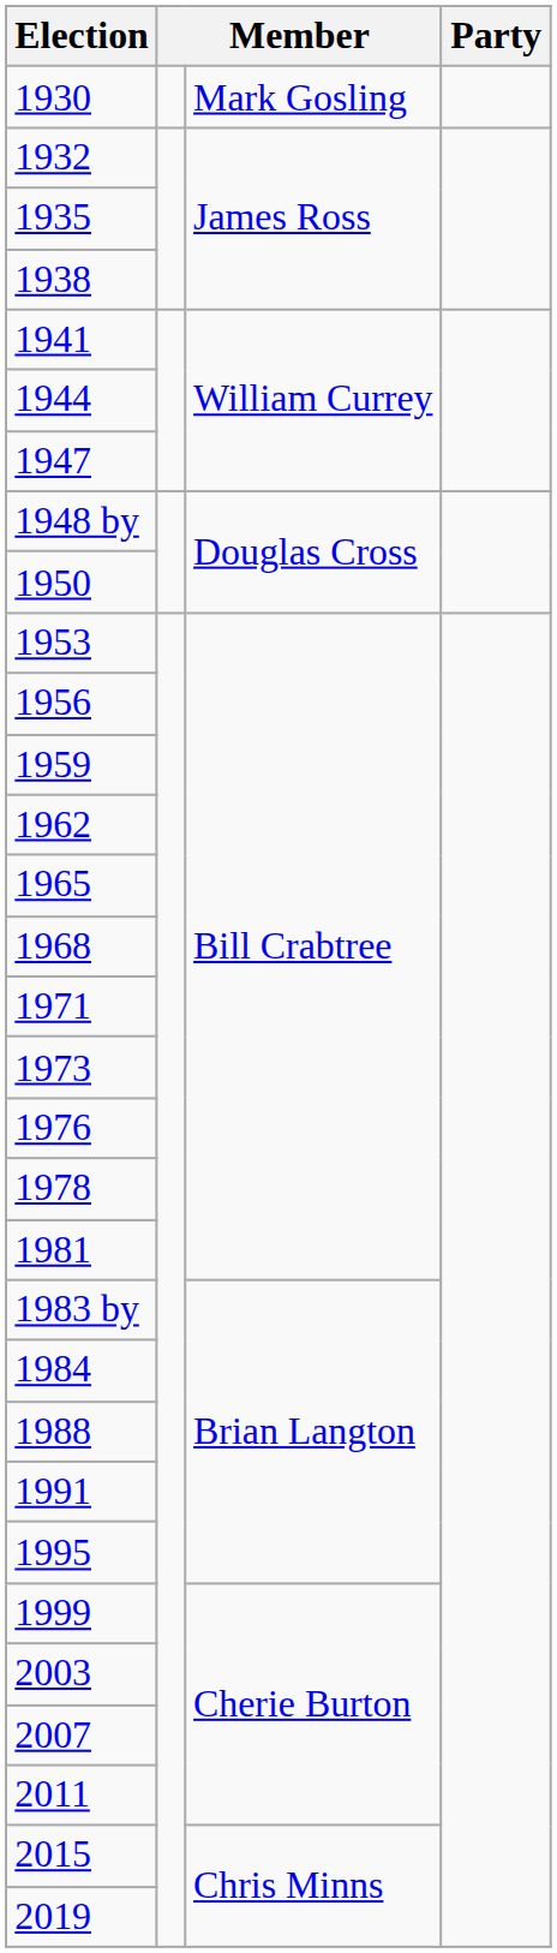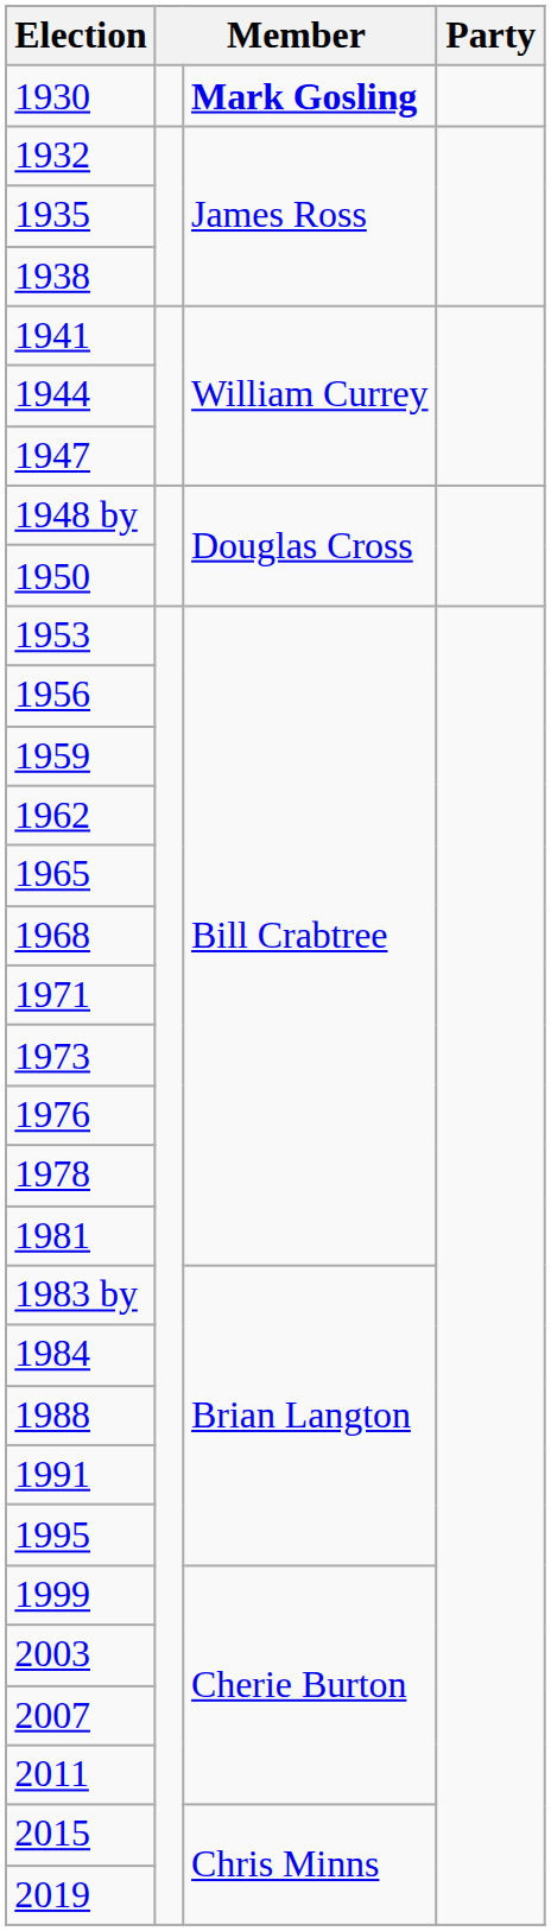 <table class="wikitable">
 <tr>
 <th>Election</th>
 <th colspan="2">Member</th>
 <th>Party</th>
 </tr>
 <tr>
 <td><a href='#'>1930</a></td>
 <td> </td>
-<td><a href='#'>Mark Gosling</a></td>
+<td><strong><a href='#'>Mark Gosling</a></strong></td>
 <td></td>
 </tr>
 <tr>
 <td><a href='#'>1932</a></td>
 <td rowspan="3" > </td>
 <td rowspan="3"><a href='#'>James Ross</a></td>
 <td rowspan="3"></td>
 </tr>
 <tr>
 <td><a href='#'>1935</a></td>
 </tr>
 <tr>
 <td><a href='#'>1938</a></td>
 </tr>
 <tr>
 <td><a href='#'>1941</a></td>
 <td rowspan="3" > </td>
 <td rowspan="3"><a href='#'>William Currey</a></td>
 <td rowspan="3"></td>
 </tr>
 <tr>
 <td><a href='#'>1944</a></td>
 </tr>
 <tr>
 <td><a href='#'>1947</a></td>
 </tr>
 <tr>
 <td><a href='#'>1948 by</a></td>
 <td rowspan="2" > </td>
 <td rowspan="2"><a href='#'>Douglas Cross</a></td>
 <td rowspan="2"></td>
 </tr>
 <tr>
 <td><a href='#'>1950</a></td>
 </tr>
 <tr>
 <td><a href='#'>1953</a></td>
 <td rowspan="22" > </td>
 <td rowspan="11"><a href='#'>Bill Crabtree</a></td>
 <td rowspan="22"></td>
 </tr>
 <tr>
 <td><a href='#'>1956</a></td>
 </tr>
 <tr>
 <td><a href='#'>1959</a></td>
 </tr>
 <tr>
 <td><a href='#'>1962</a></td>
 </tr>
 <tr>
 <td><a href='#'>1965</a></td>
 </tr>
 <tr>
 <td><a href='#'>1968</a></td>
 </tr>
 <tr>
 <td><a href='#'>1971</a></td>
 </tr>
 <tr>
 <td><a href='#'>1973</a></td>
 </tr>
 <tr>
 <td><a href='#'>1976</a></td>
 </tr>
 <tr>
 <td><a href='#'>1978</a></td>
 </tr>
 <tr>
 <td><a href='#'>1981</a></td>
 </tr>
 <tr>
 <td><a href='#'>1983 by</a></td>
 <td rowspan="5"><a href='#'>Brian Langton</a></td>
 </tr>
 <tr>
 <td><a href='#'>1984</a></td>
 </tr>
 <tr>
 <td><a href='#'>1988</a></td>
 </tr>
 <tr>
 <td><a href='#'>1991</a></td>
 </tr>
 <tr>
 <td><a href='#'>1995</a></td>
 </tr>
 <tr>
 <td><a href='#'>1999</a></td>
 <td rowspan="4"><a href='#'>Cherie Burton</a></td>
 </tr>
 <tr>
 <td><a href='#'>2003</a></td>
 </tr>
 <tr>
 <td><a href='#'>2007</a></td>
 </tr>
 <tr>
 <td><a href='#'>2011</a></td>
 </tr>
 <tr>
 <td><a href='#'>2015</a></td>
 <td rowspan="2"><a href='#'>Chris Minns</a></td>
 </tr>
 <tr>
 <td><a href='#'>2019</a></td>
 </tr>
 </table>
